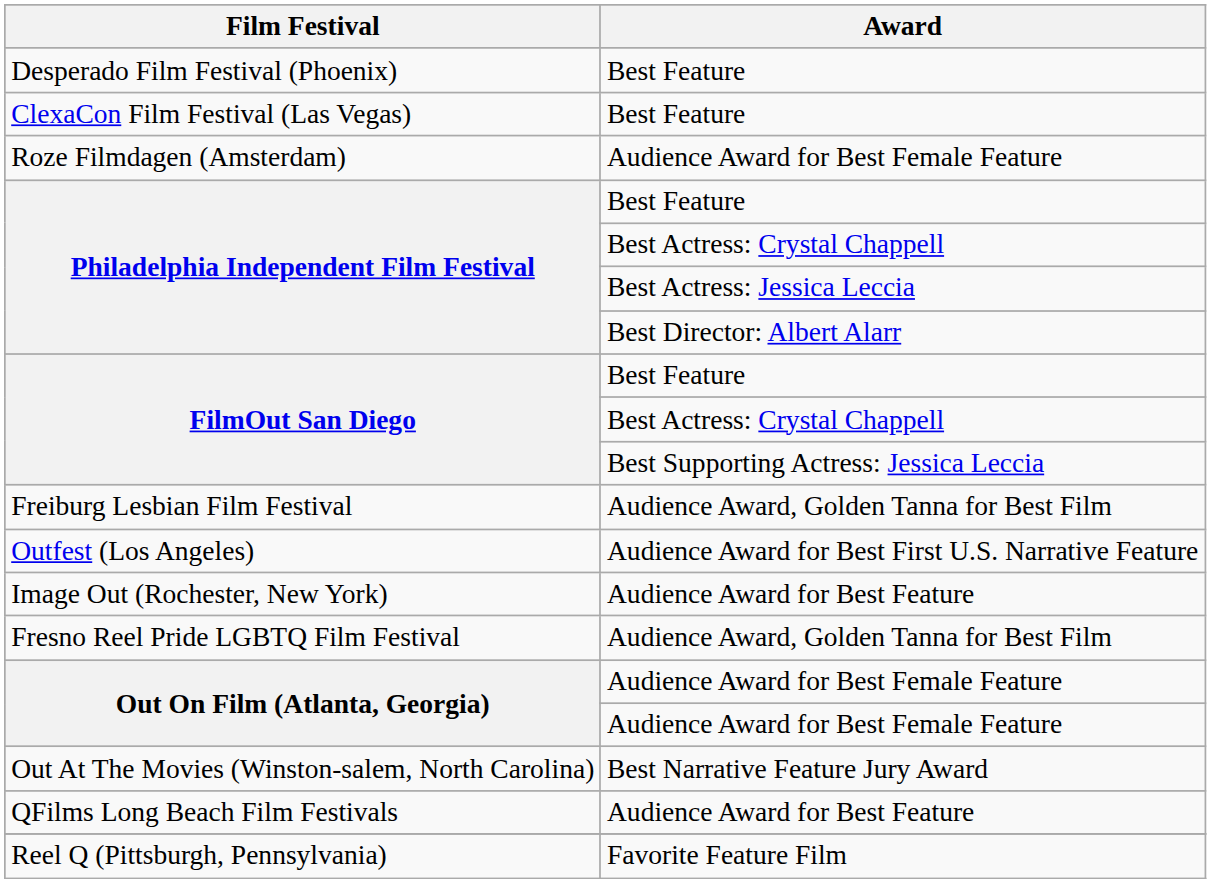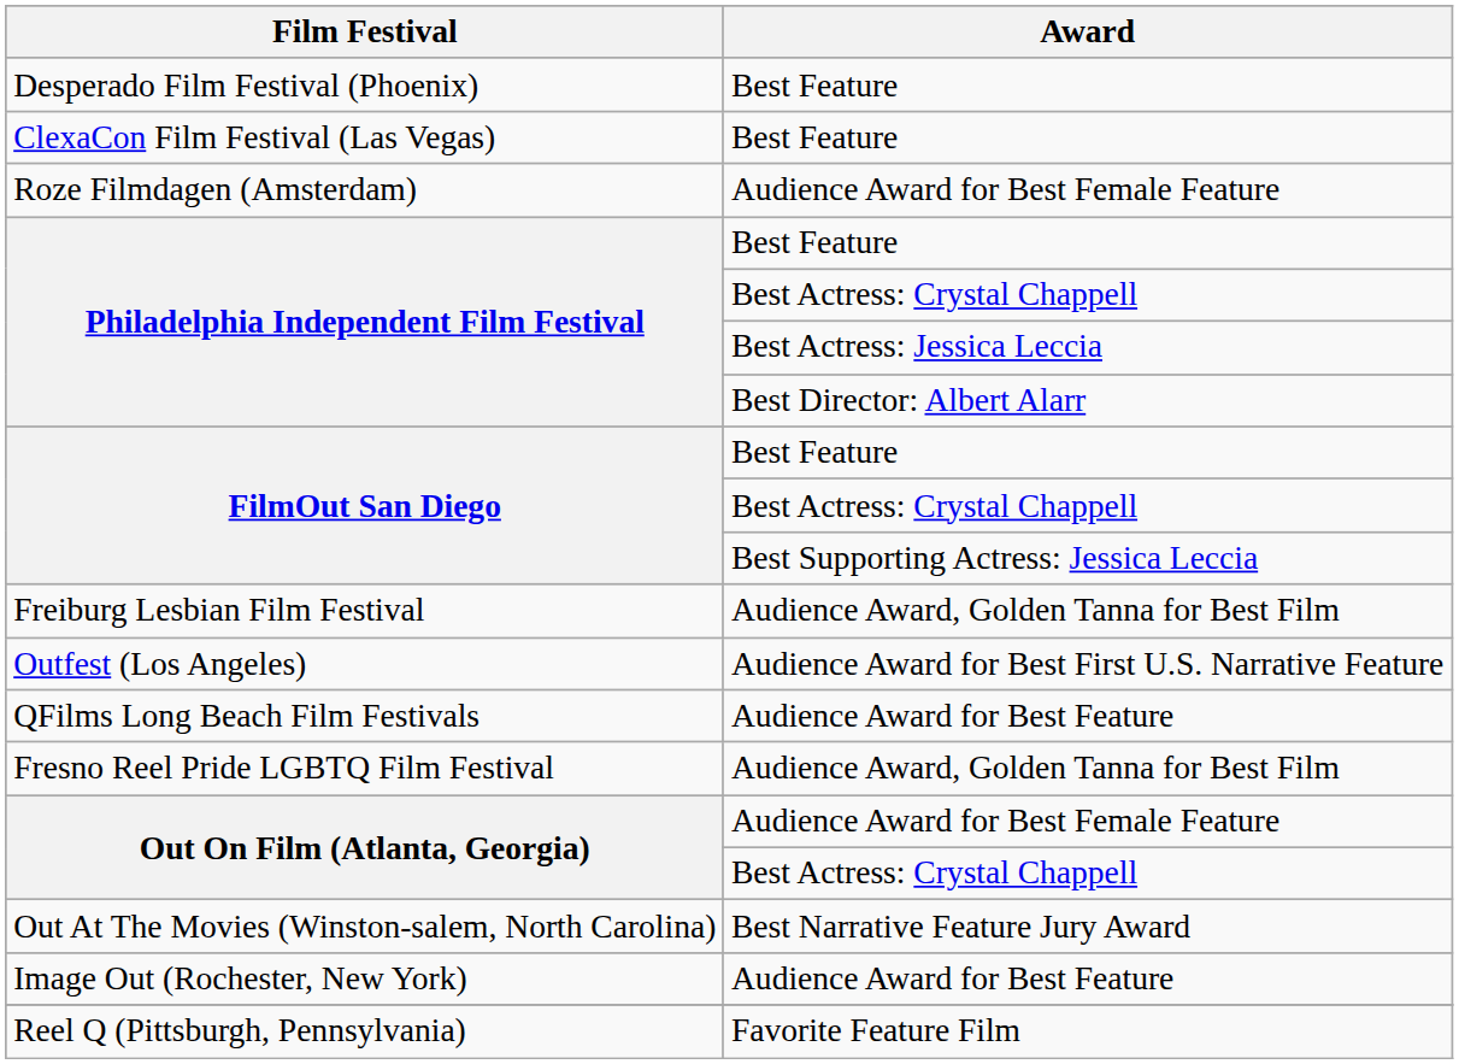 <table class="wikitable sortable plainrowheaders">
 <tr>
 <th scope="col">Film Festival</th>
 <th scope="col">Award</th>
 </tr>
 <tr>
 <td>Desperado Film Festival (Phoenix)</td>
 <td>Best Feature </td>
 </tr>
 <tr>
 <td><a href='#'>ClexaCon</a> Film Festival (Las Vegas)</td>
 <td>Best Feature </td>
 </tr>
 <tr>
 <td>Roze Filmdagen (Amsterdam)</td>
 <td>Audience Award for Best Female Feature </td>
 </tr>
 <tr>
 <th scope="row" rowspan=4><a href='#'>Philadelphia Independent Film Festival</a></th>
 <td>Best Feature</td>
 </tr>
 <tr>
 <td>Best Actress: <a href='#'>Crystal Chappell</a></td>
 </tr>
 <tr>
 <td>Best Actress: <a href='#'>Jessica Leccia</a></td>
 </tr>
 <tr>
 <td>Best Director: <a href='#'>Albert Alarr</a></td>
 </tr>
 <tr>
 <th scope="row" rowspan=3><a href='#'>FilmOut San Diego</a></th>
 <td>Best Feature</td>
 </tr>
 <tr>
 <td>Best Actress: <a href='#'>Crystal Chappell</a></td>
 </tr>
 <tr>
 <td>Best Supporting Actress: <a href='#'>Jessica Leccia</a></td>
 </tr>
 <tr>
 <td>Freiburg Lesbian Film Festival</td>
 <td>Audience Award, Golden Tanna for Best Film </td>
 </tr>
 <tr>
 <td><a href='#'>Outfest</a> (Los Angeles)</td>
 <td>Audience Award for Best First U.S. Narrative Feature </td>
 </tr>
 <tr>
-<td>Image Out (Rochester, New York)</td>
+<td>QFilms Long Beach Film Festivals</td>
 <td>Audience Award for Best Feature  </td>
 </tr>
 <tr>
 <td>Fresno Reel Pride LGBTQ Film Festival</td>
 <td>Audience Award, Golden Tanna for Best Film </td>
 </tr>
 <tr>
 <th scope="row" rowspan=2>Out On Film (Atlanta, Georgia)</th>
 <td>Audience Award for Best Female Feature</td>
 </tr>
 <tr>
-<td>Audience Award for Best Female Feature </td>
+<td>Best Actress: <a href='#'>Crystal Chappell</a></td>
 </tr>
 <tr>
 <td>Out At The Movies (Winston-salem, North Carolina)</td>
 <td>Best Narrative Feature Jury Award</td>
 </tr>
 <tr>
-<td>QFilms Long Beach Film Festivals</td>
+<td>Image Out (Rochester, New York)</td>
 <td>Audience Award for Best Feature </td>
 </tr>
 <tr>
 </tr>
 <tr>
 <td>Reel Q (Pittsburgh, Pennsylvania)</td>
 <td>Favorite Feature Film </td>
 </tr>
 <tr>
 </tr>
 </table>
